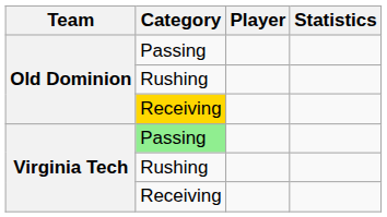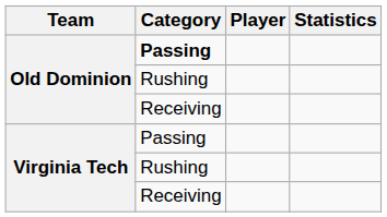 <table class="wikitable" style="float:right">
 <tr>
 <th>Team</th>
 <th>Category</th>
 <th>Player</th>
 <th>Statistics</th>
 </tr>
 <tr>
 <th rowspan=3>Old Dominion</th>
-<td>Passing</td>
+<td><strong>Passing</strong></td>
 <td></td>
 <td></td>
 </tr>
 <tr>
 <td>Rushing</td>
 <td></td>
 <td></td>
 </tr>
 <tr>
-<td style="background: gold;">Receiving</td>
+<td>Receiving</td>
 <td></td>
 <td></td>
 </tr>
 <tr>
 <th rowspan=3>Virginia Tech</th>
-<td style="background: lightgreen;">Passing</td>
+<td>Passing</td>
 <td></td>
 <td></td>
 </tr>
 <tr>
 <td>Rushing</td>
 <td></td>
 <td></td>
 </tr>
 <tr>
 <td>Receiving</td>
 <td></td>
 <td></td>
 </tr>
 </table>
